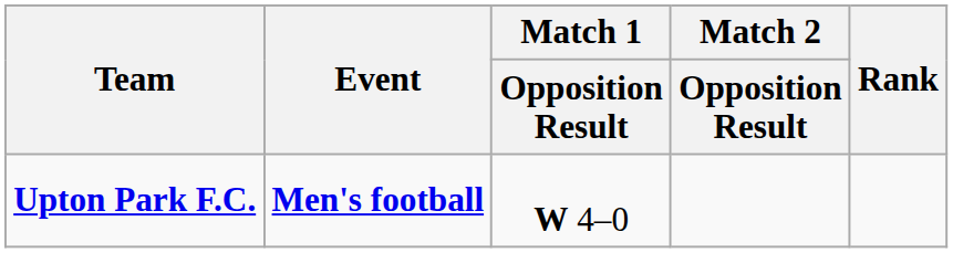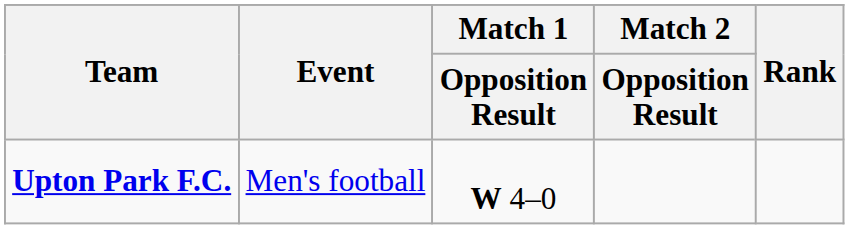 <table class="wikitable" style="text-align:center">
 <tr>
 <th rowspan=2>Team</th>
 <th rowspan=2>Event</th>
 <th>Match 1</th>
 <th>Match 2</th>
 <th rowspan=2>Rank</th>
 </tr>
 <tr>
 <th>Opposition <br> Result</th>
 <th>Opposition <br> Result</th>
 </tr>
 <tr>
 <td align=left><strong><a href='#'>Upton Park F.C.</a></strong></td>
-<td><strong><a href='#'>Men's football</a></strong></td>
+<td><a href='#'>Men's football</a></td>
 <td> <br> <strong>W</strong> 4–0</td>
 <td></td>
 <td></td>
 </tr>
 </table>
